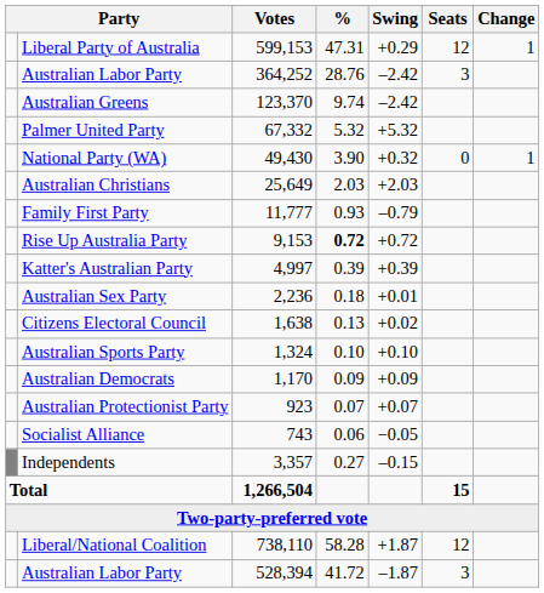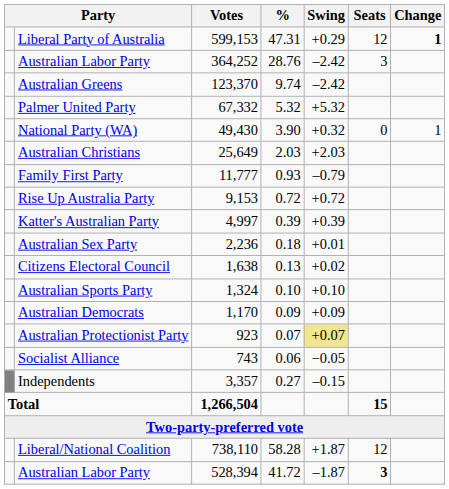 <table class="wikitable">
 <tr>
 <th style="width:200px" colspan=2><strong>Party</strong></th>
 <th style="width:70px; text-align:center;"><strong>Votes</strong></th>
 <th style="width:40px; text-align:center;"><strong>%</strong></th>
 <th style="width:40px; text-align:center;"><strong>Swing</strong></th>
 <th style="width:40px; text-align:center;"><strong>Seats</strong></th>
 <th style="width:40px; text-align:center;"><strong>Change</strong></th>
 </tr>
 <tr>
 <td> </td>
 <td><a href='#'>Liberal Party of Australia</a></td>
 <td align=right>599,153</td>
 <td align=right>47.31</td>
 <td align=right>+0.29</td>
 <td align=right>12</td>
-<td align=right> 1</td>
+<td align=right><strong> 1</strong></td>
 </tr>
 <tr>
 <td> </td>
 <td><a href='#'>Australian Labor Party</a></td>
 <td align=right>364,252</td>
 <td align=right>28.76</td>
 <td align=right>–2.42</td>
 <td align=right>3</td>
 <td align=right></td>
 </tr>
 <tr>
 <td> </td>
 <td><a href='#'>Australian Greens</a></td>
 <td align=right>123,370</td>
 <td align=right>9.74</td>
 <td align=right>–2.42</td>
 <td align=right></td>
 <td align=right></td>
 </tr>
 <tr>
 <td> </td>
 <td><a href='#'>Palmer United Party</a></td>
 <td align=right>67,332</td>
 <td align=right>5.32</td>
 <td align=right>+5.32</td>
 <td align=right></td>
 <td align=right></td>
 </tr>
 <tr>
 <td> </td>
 <td><a href='#'>National Party (WA)</a></td>
 <td align=right>49,430</td>
 <td align=right>3.90</td>
 <td align=right>+0.32</td>
 <td align=right>0</td>
 <td align=right> 1</td>
 </tr>
 <tr>
 <td> </td>
 <td><a href='#'>Australian Christians</a></td>
 <td align=right>25,649</td>
 <td align=right>2.03</td>
 <td align=right>+2.03</td>
 <td align=right></td>
 <td align=right></td>
 </tr>
 <tr>
 <td> </td>
 <td><a href='#'>Family First Party</a></td>
 <td align=right>11,777</td>
 <td align=right>0.93</td>
 <td align=right>–0.79</td>
 <td align=right></td>
 <td align=right></td>
 </tr>
 <tr>
 <td> </td>
 <td><a href='#'>Rise Up Australia Party</a></td>
 <td align=right>9,153</td>
-<td align=right><strong>0.72</strong></td>
+<td align=right>0.72</td>
 <td align=right>+0.72</td>
 <td align=right></td>
 <td align=right></td>
 </tr>
 <tr>
 <td> </td>
 <td><a href='#'>Katter's Australian Party</a></td>
 <td align=right>4,997</td>
 <td align=right>0.39</td>
 <td align=right>+0.39</td>
 <td align=right></td>
 <td align=right></td>
 </tr>
 <tr>
 <td> </td>
 <td><a href='#'>Australian Sex Party</a></td>
 <td align=right>2,236</td>
 <td align=right>0.18</td>
 <td align=right>+0.01</td>
 <td align=right></td>
 <td align=right></td>
 </tr>
 <tr>
 <td> </td>
 <td><a href='#'>Citizens Electoral Council</a></td>
 <td align=right>1,638</td>
 <td align=right>0.13</td>
 <td align=right>+0.02</td>
 <td align=right></td>
 <td align=right></td>
 </tr>
 <tr>
 <td> </td>
 <td><a href='#'>Australian Sports Party</a></td>
 <td align=right>1,324</td>
 <td align=right>0.10</td>
 <td align=right>+0.10</td>
 <td align=right></td>
 <td align=right></td>
 </tr>
 <tr>
 <td> </td>
 <td><a href='#'>Australian Democrats</a></td>
 <td align=right>1,170</td>
 <td align=right>0.09</td>
 <td align=right>+0.09</td>
 <td align=right></td>
 <td align=right></td>
 </tr>
 <tr>
 <td> </td>
 <td><a href='#'>Australian Protectionist Party</a></td>
 <td align=right>923</td>
 <td align=right>0.07</td>
-<td align=right>+0.07</td>
+<td align=right style="background: khaki;">+0.07</td>
 <td align=right></td>
 <td align=right></td>
 </tr>
 <tr>
 <td> </td>
 <td><a href='#'>Socialist Alliance</a></td>
 <td align=right>743</td>
 <td align=right>0.06</td>
 <td align=right>−0.05</td>
 <td align=right></td>
 <td align=right></td>
 </tr>
 <tr>
 <td style="background:gray;"> </td>
 <td>Independents</td>
 <td align=right>3,357</td>
 <td align=right>0.27</td>
 <td align=right>–0.15</td>
 <td align=right></td>
 <td align=right></td>
 </tr>
 <tr>
 <td colspan="2"><strong>Total</strong></td>
 <td align="right"><strong>1,266,504</strong></td>
 <td align="right"><strong> </strong></td>
 <td align="right"><strong> </strong></td>
 <td align=right><strong>15</strong></td>
 <td align=right></td>
 </tr>
 <tr>
 <td colspan="7" style="text-align:center; background:#eee;"><strong><a href='#'>Two-party-preferred vote</a></strong></td>
 </tr>
 <tr>
 <td> </td>
 <td><a href='#'>Liberal/National Coalition</a></td>
 <td align=right>738,110</td>
 <td align=right>58.28</td>
 <td align=right>+1.87</td>
 <td align=right>12</td>
 <td align=right></td>
 </tr>
 <tr>
 <td> </td>
 <td><a href='#'>Australian Labor Party</a></td>
 <td align=right>528,394</td>
 <td align=right>41.72</td>
 <td align=right>–1.87</td>
-<td align=right>3</td>
+<td align=right><strong>3</strong></td>
 <td align=right></td>
 </tr>
 </table>
